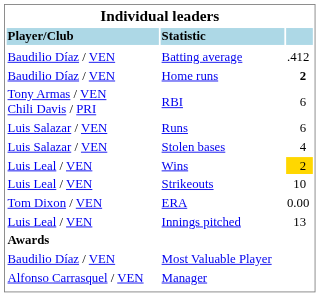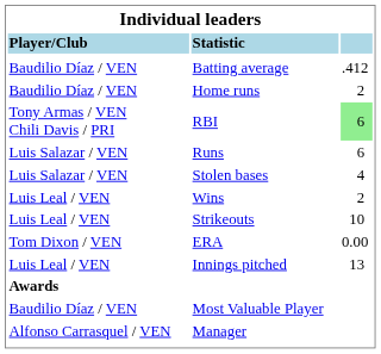 <table cellpadding="1" width="350px" style="font-size: 90%; border: 1px solid gray;">
 <tr align="center" style="font-size: larger;">
 <td colspan=6><strong>Individual leaders</strong></td>
 </tr>
 <tr style="background:lightblue;">
 <td><strong>Player/Club</strong></td>
 <td><strong>Statistic</strong></td>
 <td></td>
 </tr>
 <tr align="center" style="vertical-align: middle;" style="background:lightblue;">
 </tr>
 <tr>
 <td><a href='#'>Baudilio Díaz</a> / <a href='#'>VEN</a></td>
 <td><a href='#'>Batting average</a></td>
 <td>.412</td>
 </tr>
 <tr>
 <td><a href='#'>Baudilio Díaz</a> / <a href='#'>VEN</a></td>
 <td><a href='#'>Home runs</a></td>
-<td><strong>     2</strong></td>
+<td>     2</td>
 </tr>
 <tr>
 <td><a href='#'>Tony Armas</a> / <a href='#'>VEN</a> <br> <a href='#'>Chili Davis</a> / <a href='#'>PRI</a></td>
 <td><a href='#'>RBI</a></td>
-<td>     6</td>
+<td style="background: lightgreen;">     6</td>
 </tr>
 <tr>
 <td><a href='#'>Luis Salazar</a> / <a href='#'>VEN</a></td>
 <td><a href='#'>Runs</a></td>
 <td>     6</td>
 </tr>
 <tr>
 <td><a href='#'>Luis Salazar</a> / <a href='#'>VEN</a></td>
 <td><a href='#'>Stolen bases</a></td>
 <td>     4</td>
 </tr>
 <tr>
 <td><a href='#'>Luis Leal</a> / <a href='#'>VEN</a></td>
 <td><a href='#'>Wins</a></td>
-<td style="background: gold;">     2</td>
+<td>     2</td>
 </tr>
 <tr>
 <td><a href='#'>Luis Leal</a> / <a href='#'>VEN</a></td>
 <td><a href='#'>Strikeouts</a></td>
 <td>   10</td>
 </tr>
 <tr>
 <td><a href='#'>Tom Dixon</a> / <a href='#'>VEN</a></td>
 <td><a href='#'>ERA</a></td>
 <td>0.00</td>
 </tr>
 <tr>
 <td><a href='#'>Luis Leal</a> / <a href='#'>VEN</a></td>
 <td><a href='#'>Innings pitched</a></td>
 <td>  13</td>
 </tr>
 <tr>
 <td><strong>Awards</strong></td>
 </tr>
 <tr>
 <td><a href='#'>Baudilio Díaz</a> / <a href='#'>VEN</a></td>
 <td><a href='#'>Most Valuable Player</a></td>
 </tr>
 <tr>
 <td><a href='#'>Alfonso Carrasquel</a> / <a href='#'>VEN</a></td>
 <td><a href='#'>Manager</a></td>
 </tr>
 <tr>
 </tr>
 <tr>
 </tr>
 </table>
